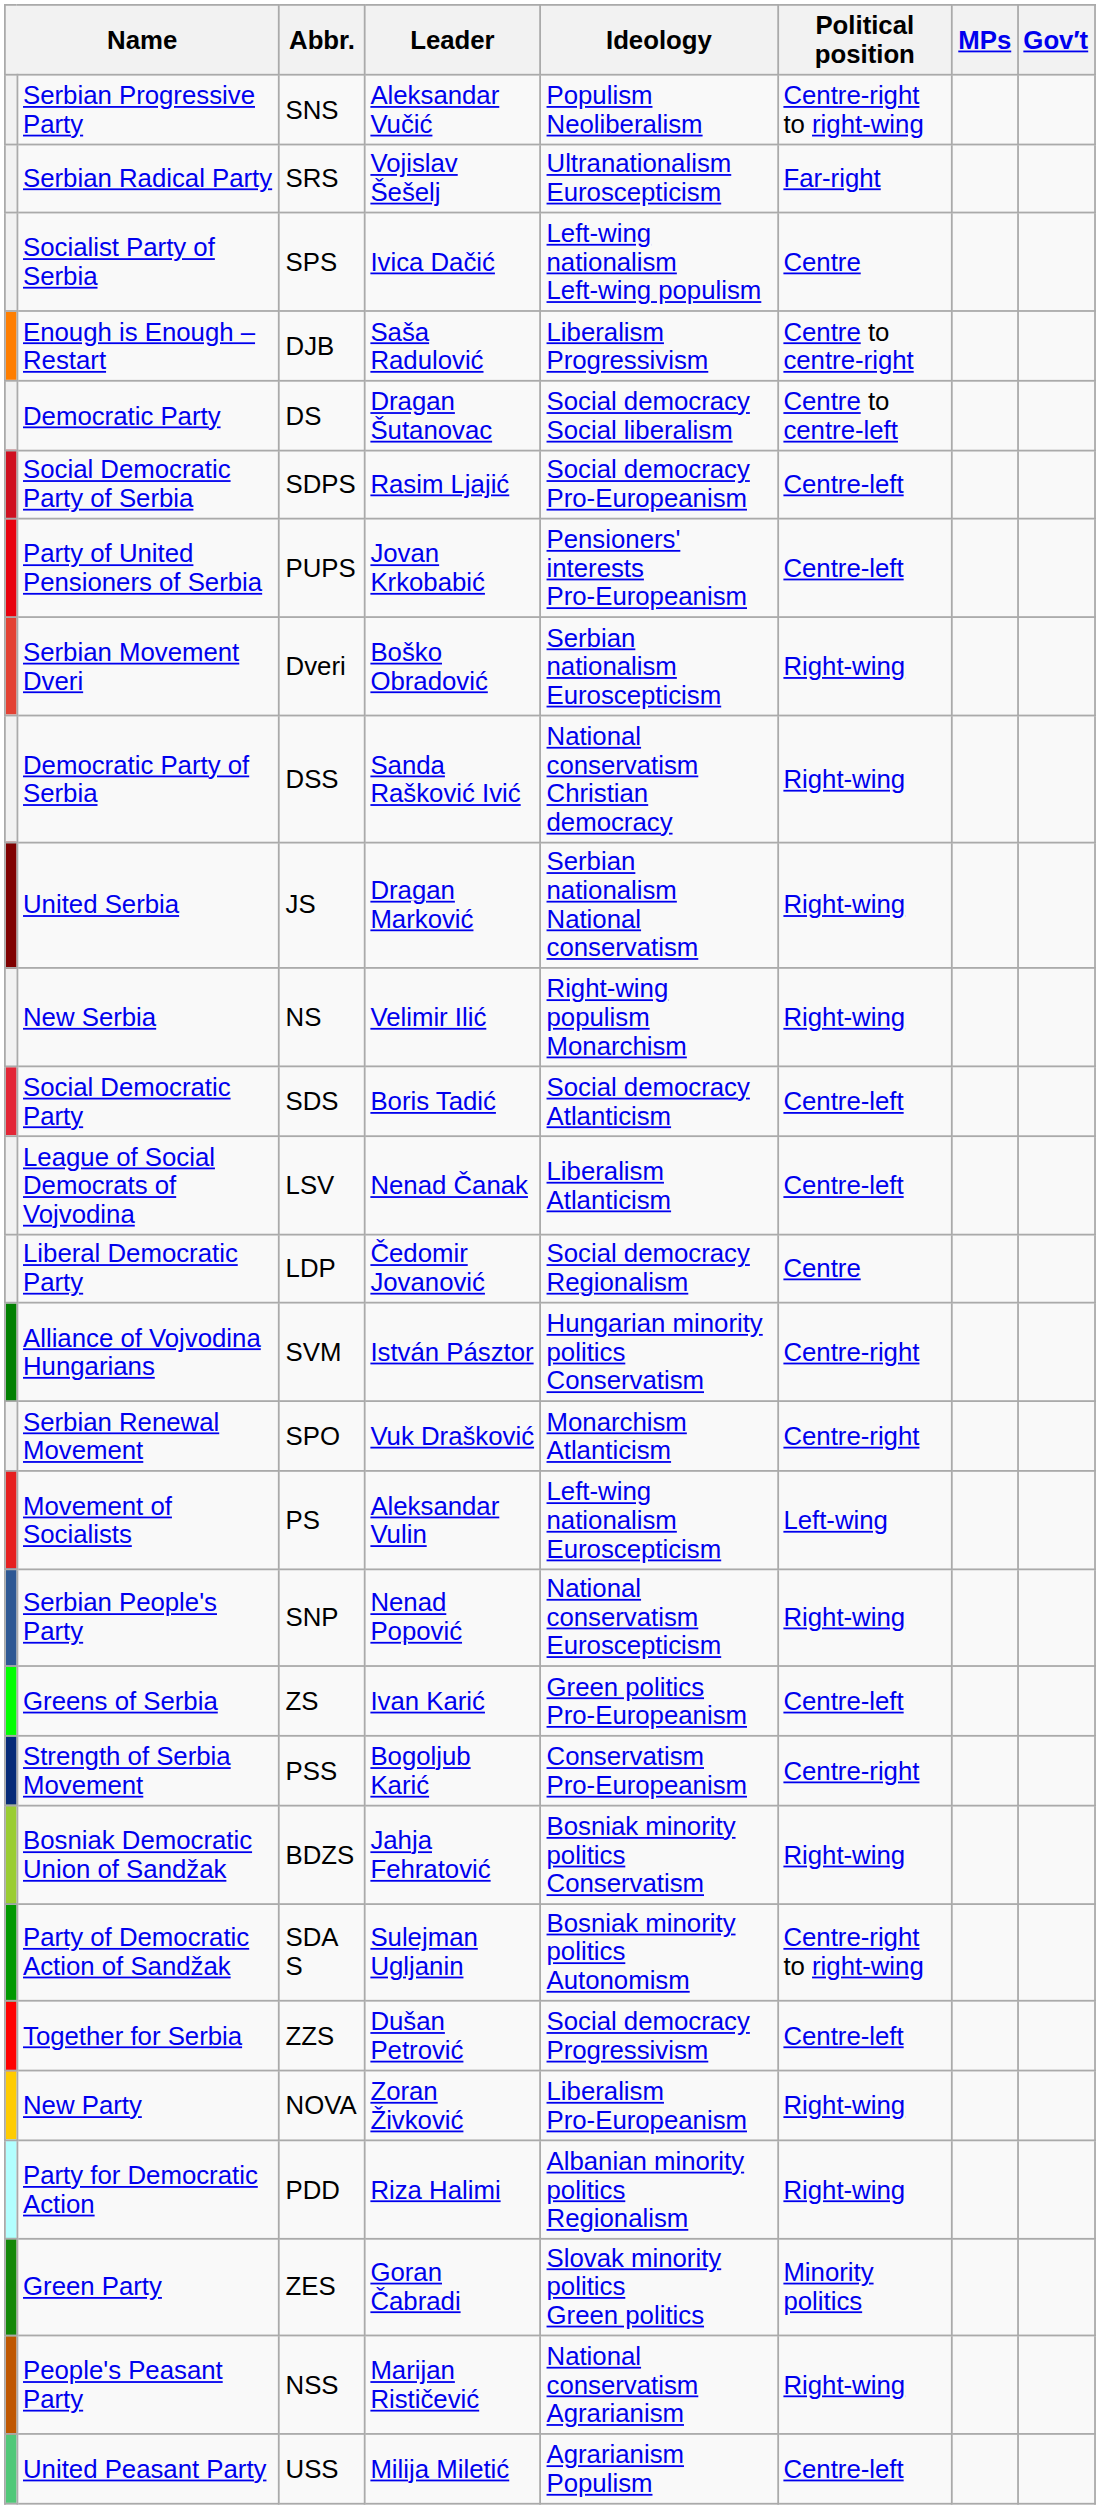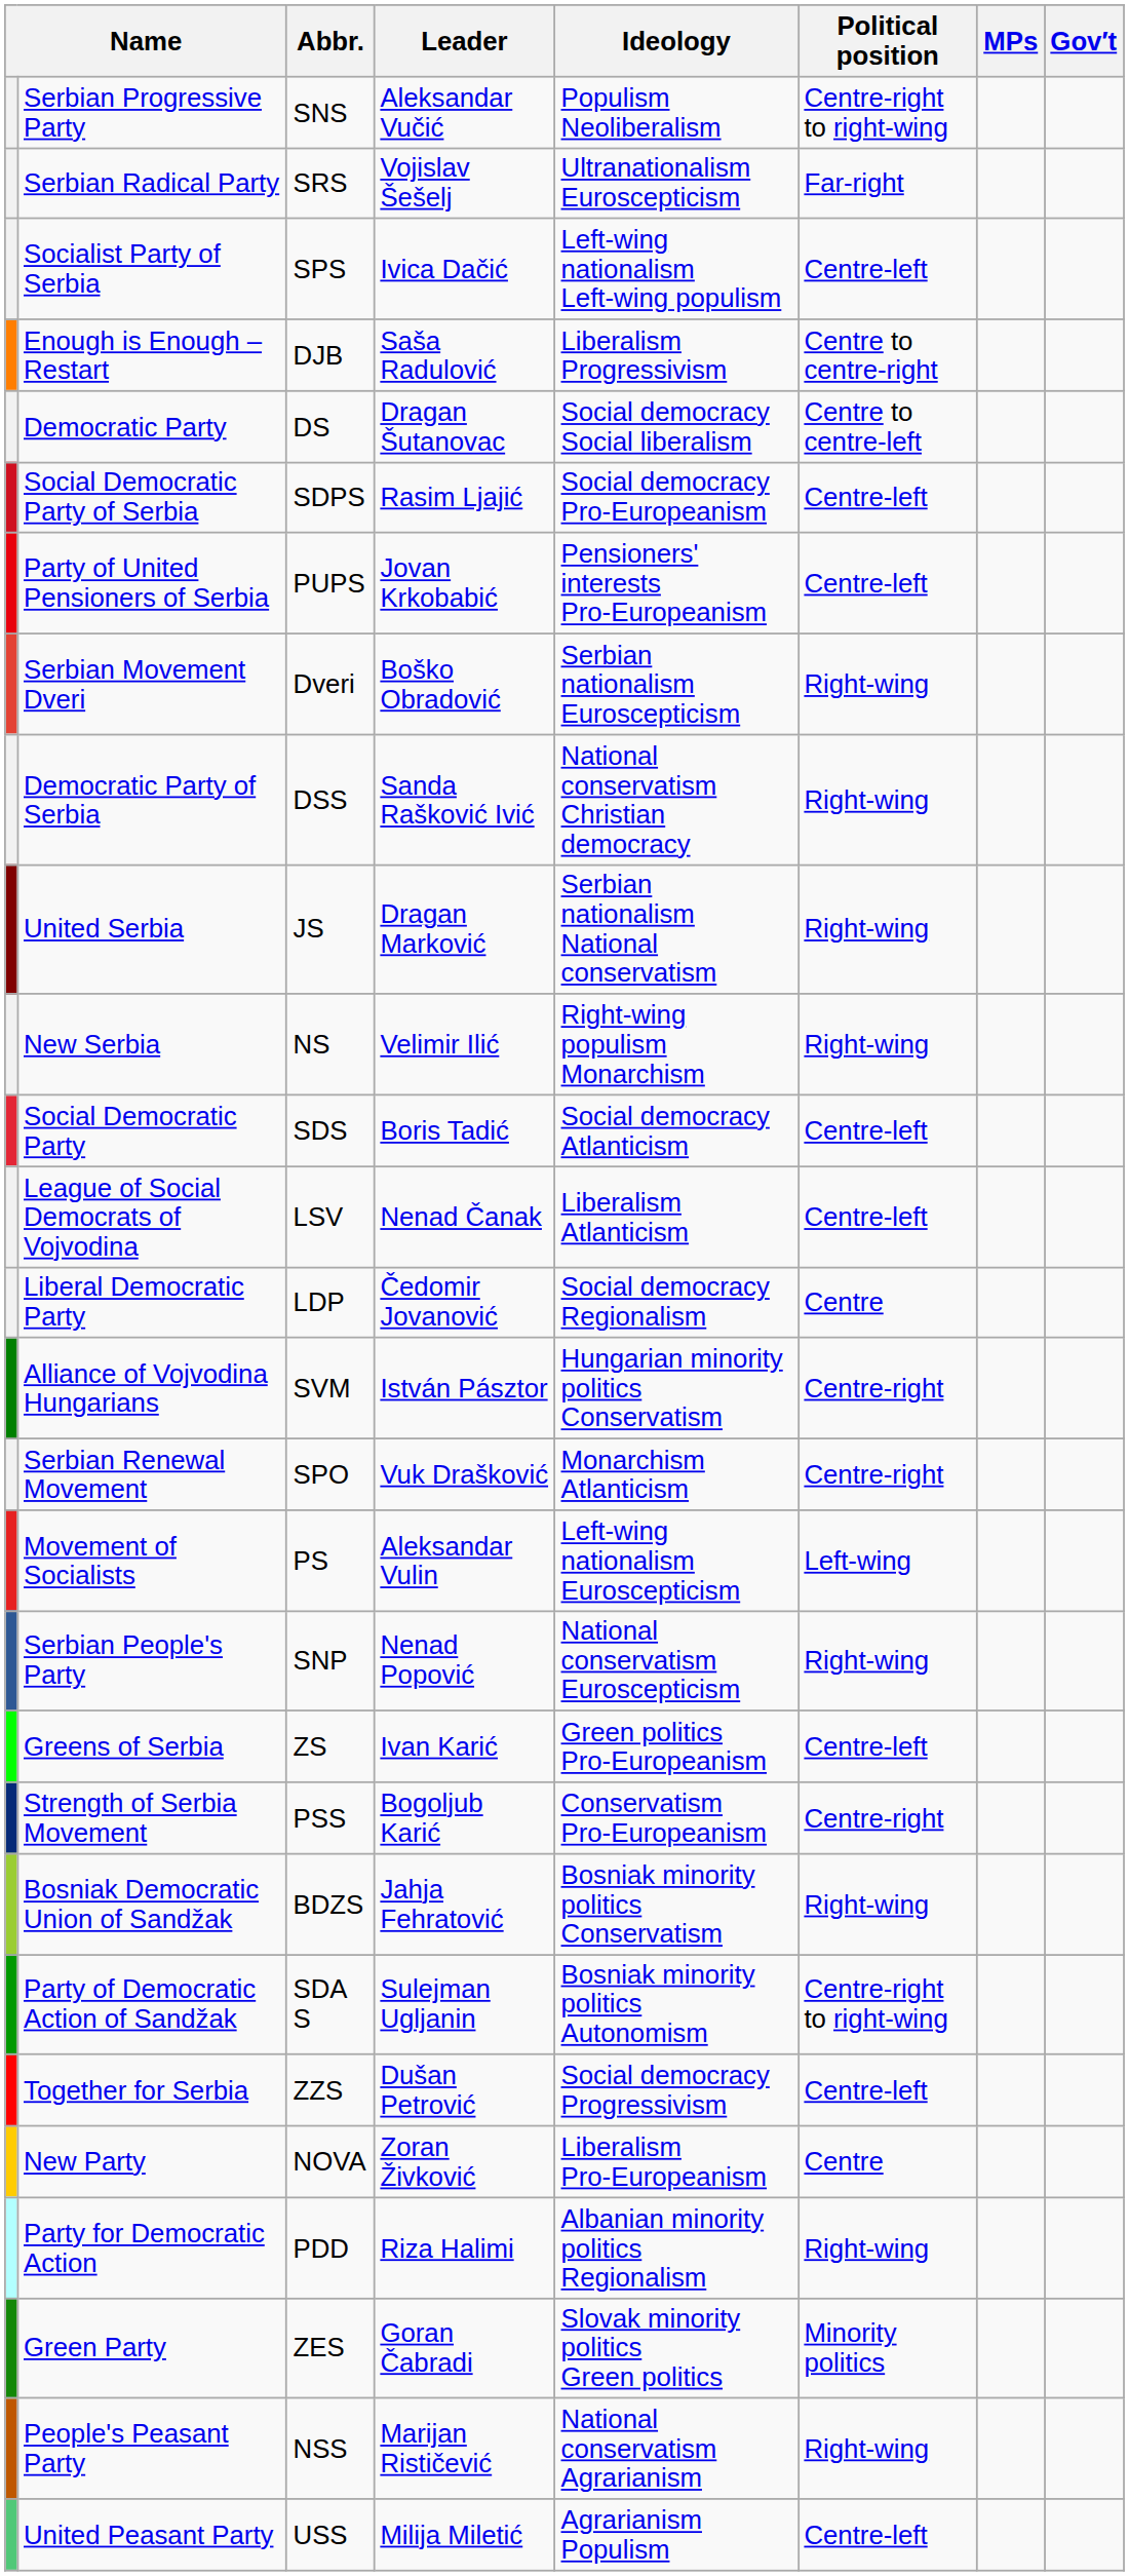 <table class="wikitable" style="font-size:90%">
 <tr>
 <th colspan=2>Name</th>
 <th>Abbr.</th>
 <th>Leader</th>
 <th>Ideology</th>
 <th>Political position</th>
 <th><a href='#'>MPs</a></th>
 <th><a href='#'>Gov′t</a></th>
 </tr>
 <tr>
 <th style="background:"></th>
 <td><a href='#'>Serbian Progressive Party</a><br><small><em></em></small></td>
 <td>SNS</td>
 <td><a href='#'>Aleksandar Vučić</a></td>
 <td><a href='#'>Populism</a><br><a href='#'>Neoliberalism</a></td>
 <td><a href='#'>Centre-right</a> to <a href='#'>right-wing</a></td>
 <td></td>
 <td></td>
 </tr>
 <tr>
 <th style="background-color: "></th>
 <td><a href='#'>Serbian Radical Party</a><br><small><em></em></small></td>
 <td>SRS</td>
 <td><a href='#'>Vojislav Šešelj</a></td>
 <td><a href='#'>Ultranationalism</a><br><a href='#'>Euroscepticism</a></td>
 <td><a href='#'>Far-right</a></td>
 <td></td>
 <td></td>
 </tr>
 <tr>
 <th style="background-color: "></th>
 <td><a href='#'>Socialist Party of Serbia</a><br><small><em></em></small></td>
 <td>SPS</td>
 <td><a href='#'>Ivica Dačić</a></td>
 <td><a href='#'>Left-wing nationalism</a><br><a href='#'>Left-wing populism</a></td>
-<td><a href='#'>Centre</a></td>
+<td><a href='#'>Centre-left</a></td>
 <td></td>
 <td></td>
 </tr>
 <tr>
 <th style="background-color: #FF7E00; color:white;"></th>
 <td><a href='#'>Enough is Enough – Restart</a><br><small><em></em></small></td>
 <td>DJB</td>
 <td><a href='#'>Saša Radulović</a></td>
 <td><a href='#'>Liberalism</a><br><a href='#'>Progressivism</a></td>
 <td><a href='#'>Centre</a> to <a href='#'>centre-right</a></td>
 <td></td>
 <td></td>
 </tr>
 <tr>
 <th style="background-color: "></th>
 <td><a href='#'>Democratic Party</a><br><small><em></em></small></td>
 <td>DS</td>
 <td><a href='#'>Dragan Šutanovac</a></td>
 <td><a href='#'>Social democracy</a><br><a href='#'>Social liberalism</a></td>
 <td><a href='#'>Centre</a> to <a href='#'>centre-left</a></td>
 <td></td>
 <td></td>
 </tr>
 <tr>
 <th style="background-color: #CF1020; color:white;"></th>
 <td><a href='#'>Social Democratic Party of Serbia</a><br><small><em></em></small></td>
 <td>SDPS</td>
 <td><a href='#'>Rasim Ljajić</a></td>
 <td><a href='#'>Social democracy</a><br><a href='#'>Pro-Europeanism</a></td>
 <td><a href='#'>Centre-left</a></td>
 <td></td>
 <td></td>
 </tr>
 <tr>
 <th style="background-color: #E8000D; color:white;"></th>
 <td><a href='#'>Party of United Pensioners of Serbia</a><br><small><em></em></small></td>
 <td>PUPS</td>
 <td><a href='#'>Jovan Krkobabić</a></td>
 <td><a href='#'>Pensioners' interests</a><br><a href='#'>Pro-Europeanism</a></td>
 <td><a href='#'>Centre-left</a></td>
 <td></td>
 <td></td>
 </tr>
 <tr>
 <th style="background-color: #E34234; color:white;"></th>
 <td><a href='#'>Serbian Movement Dveri</a><br><small><em></em></small></td>
 <td>Dveri</td>
 <td><a href='#'>Boško Obradović</a></td>
 <td><a href='#'>Serbian nationalism</a><br><a href='#'>Euroscepticism</a></td>
 <td><a href='#'>Right-wing</a></td>
 <td></td>
 <td></td>
 </tr>
 <tr>
 <th style="background-color: "></th>
 <td><a href='#'>Democratic Party of Serbia</a><br><small><em></em></small></td>
 <td>DSS</td>
 <td><a href='#'>Sanda Rašković Ivić</a></td>
 <td><a href='#'>National conservatism</a><br><a href='#'>Christian democracy</a></td>
 <td><a href='#'>Right-wing</a></td>
 <td></td>
 <td></td>
 </tr>
 <tr>
 <th style="background-color: #800000; color:white;"></th>
 <td><a href='#'>United Serbia</a><br><small><em></em></small></td>
 <td>JS</td>
 <td><a href='#'>Dragan Marković</a></td>
 <td><a href='#'>Serbian nationalism</a><br><a href='#'>National conservatism</a></td>
 <td><a href='#'>Right-wing</a></td>
 <td></td>
 <td></td>
 </tr>
 <tr>
 <th style="background-color: "></th>
 <td><a href='#'>New Serbia</a><br><small><em></em></small></td>
 <td>NS</td>
 <td><a href='#'>Velimir Ilić</a></td>
 <td><a href='#'>Right-wing populism</a><br><a href='#'>Monarchism</a></td>
 <td><a href='#'>Right-wing</a></td>
 <td></td>
 <td></td>
 </tr>
 <tr>
 <th style="background-color: #E32636; color:white;"></th>
 <td><a href='#'>Social Democratic Party</a><br><small><em></em></small></td>
 <td>SDS</td>
 <td><a href='#'>Boris Tadić</a></td>
 <td><a href='#'>Social democracy</a><br><a href='#'>Atlanticism</a></td>
 <td><a href='#'>Centre-left</a></td>
 <td></td>
 <td></td>
 </tr>
 <tr>
 <th style="background-color: "></th>
 <td><a href='#'>League of Social Democrats of Vojvodina</a><br><small><em></em></small></td>
 <td>LSV</td>
 <td><a href='#'>Nenad Čanak</a></td>
 <td><a href='#'>Liberalism</a><br><a href='#'>Atlanticism</a></td>
 <td><a href='#'>Centre-left</a></td>
 <td></td>
 <td></td>
 </tr>
 <tr>
 <th style="background-color: "></th>
 <td><a href='#'>Liberal Democratic Party</a><br><small><em></em></small></td>
 <td>LDP</td>
 <td><a href='#'>Čedomir Jovanović</a></td>
 <td><a href='#'>Social democracy</a><br><a href='#'>Regionalism</a></td>
 <td><a href='#'>Centre</a></td>
 <td></td>
 <td></td>
 </tr>
 <tr>
 <th style="background-color: #008000; color:white;"></th>
 <td><a href='#'>Alliance of Vojvodina Hungarians</a><br><small><em></em></small></td>
 <td>SVM</td>
 <td><a href='#'>István Pásztor</a></td>
 <td><a href='#'>Hungarian minority politics</a><br><a href='#'>Conservatism</a></td>
 <td><a href='#'>Centre-right</a></td>
 <td></td>
 <td></td>
 </tr>
 <tr>
 <th style="background-color: "></th>
 <td><a href='#'>Serbian Renewal Movement</a><br><small><em></em></small></td>
 <td>SPO</td>
 <td><a href='#'>Vuk Drašković</a></td>
 <td><a href='#'>Monarchism</a><br><a href='#'>Atlanticism</a></td>
 <td><a href='#'>Centre-right</a></td>
 <td></td>
 <td></td>
 </tr>
 <tr>
 <th style="background-color: #E62020; color:white;"></th>
 <td><a href='#'>Movement of Socialists</a><br><small><em></em></small></td>
 <td>PS</td>
 <td><a href='#'>Aleksandar Vulin</a></td>
 <td><a href='#'>Left-wing nationalism</a><br><a href='#'>Euroscepticism</a></td>
 <td><a href='#'>Left-wing</a></td>
 <td></td>
 <td></td>
 </tr>
 <tr>
 <th style="background-color: #2E5894; color:white;"></th>
 <td><a href='#'>Serbian People's Party</a><br><small><em></em></small></td>
 <td>SNP</td>
 <td><a href='#'>Nenad Popović</a></td>
 <td><a href='#'>National conservatism</a><br><a href='#'>Euroscepticism</a></td>
 <td><a href='#'>Right-wing</a></td>
 <td></td>
 <td></td>
 </tr>
 <tr>
 <th style="background-color: #00FF00; color:white;"></th>
 <td><a href='#'>Greens of Serbia</a><br><small><em></em></small></td>
 <td>ZS</td>
 <td><a href='#'>Ivan Karić</a></td>
 <td><a href='#'>Green politics</a><br><a href='#'>Pro-Europeanism</a></td>
 <td><a href='#'>Centre-left</a></td>
 <td></td>
 <td></td>
 </tr>
 <tr>
 <th style="background-color: #062A78; color:white;"></th>
 <td><a href='#'>Strength of Serbia Movement</a><br><small><em></em></small></td>
 <td>PSS</td>
 <td><a href='#'>Bogoljub Karić</a></td>
 <td><a href='#'>Conservatism</a><br><a href='#'>Pro-Europeanism</a></td>
 <td><a href='#'>Centre-right</a></td>
 <td></td>
 <td></td>
 </tr>
 <tr>
 <th style="background-color: #9ACD32; color:white;"></th>
 <td><a href='#'>Bosniak Democratic Union of Sandžak</a><br><small><em></em></small></td>
 <td>BDZS</td>
 <td><a href='#'>Jahja Fehratović</a></td>
 <td><a href='#'>Bosniak minority politics</a><br><a href='#'>Conservatism</a></td>
 <td><a href='#'>Right-wing</a></td>
 <td></td>
 <td></td>
 </tr>
 <tr>
 <th style="background-color: #009900; color:white;"></th>
 <td><a href='#'>Party of Democratic Action of Sandžak</a><br><small><em></em></small></td>
 <td>SDA S</td>
 <td><a href='#'>Sulejman Ugljanin</a></td>
 <td><a href='#'>Bosniak minority politics</a><br><a href='#'>Autonomism</a></td>
 <td><a href='#'>Centre-right</a> to <a href='#'>right-wing</a></td>
 <td></td>
 <td></td>
 </tr>
 <tr>
 <th style="background-color:Red; color:white;"></th>
 <td><a href='#'>Together for Serbia</a><br><small><em></em></small></td>
 <td>ZZS</td>
 <td><a href='#'>Dušan Petrović</a></td>
 <td><a href='#'>Social democracy</a><br><a href='#'>Progressivism</a></td>
 <td><a href='#'>Centre-left</a></td>
 <td></td>
 <td></td>
 </tr>
 <tr>
 <th style="background-color: #FFCC00; color:white;"></th>
 <td><a href='#'>New Party</a><br><small><em></em></small></td>
 <td>NOVA</td>
 <td><a href='#'>Zoran Živković</a></td>
 <td><a href='#'>Liberalism</a><br><a href='#'>Pro-Europeanism</a></td>
-<td><a href='#'>Right-wing</a></td>
+<td><a href='#'>Centre</a></td>
 <td></td>
 <td></td>
 </tr>
 <tr>
 <th style="background-color: #B2FFFF; color:white;"></th>
 <td><a href='#'>Party for Democratic Action</a><br><small><em></em></small></td>
 <td>PDD</td>
 <td><a href='#'>Riza Halimi</a></td>
 <td><a href='#'>Albanian minority politics</a><br><a href='#'>Regionalism</a></td>
 <td><a href='#'>Right-wing</a></td>
 <td></td>
 <td></td>
 </tr>
 <tr>
 <th style="background-color:  #138808; color:white;"></th>
 <td><a href='#'>Green Party</a><br><small><em></em></small></td>
 <td>ZES</td>
 <td><a href='#'>Goran Čabradi</a></td>
 <td><a href='#'>Slovak minority politics</a><br><a href='#'>Green politics</a></td>
 <td><a href='#'>Minority politics</a></td>
 <td></td>
 <td></td>
 </tr>
 <tr>
 <th style="background-color:  #BF5700; color:white;"></th>
 <td><a href='#'>People's Peasant Party</a><br><small><em></em></small></td>
 <td>NSS</td>
 <td><a href='#'>Marijan Rističević</a></td>
 <td><a href='#'>National conservatism</a><br><a href='#'>Agrarianism</a></td>
 <td><a href='#'>Right-wing</a></td>
 <td></td>
 <td></td>
 </tr>
 <tr>
 <th style="background-color:  #50C878; color:white;"></th>
 <td><a href='#'>United Peasant Party</a><br><small><em></em></small></td>
 <td>USS</td>
 <td><a href='#'>Milija Miletić</a></td>
 <td><a href='#'>Agrarianism</a><br><a href='#'>Populism</a></td>
 <td><a href='#'>Centre-left</a></td>
 <td></td>
 <td></td>
 </tr>
 </table>
